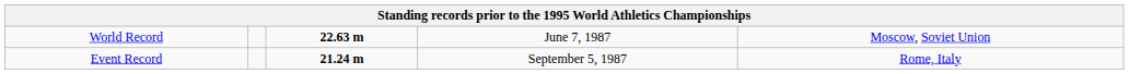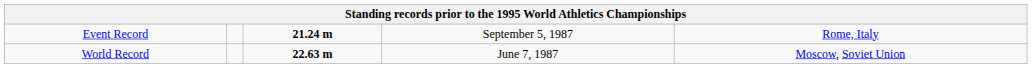 <table class="wikitable" style=" text-align:center; font-size:110%;" width="95%">
 <tr>
 <th colspan="5">Standing records prior to the 1995 World Athletics Championships</th>
+</tr>
+<tr>
+<td><a href='#'>Event Record</a></td>
+<td></td>
+<td><strong>21.24 m </strong></td>
+<td>September 5, 1987</td>
+<td> <a href='#'>Rome, Italy</a></td>
 </tr>
 <tr>
 <td><a href='#'>World Record</a></td>
 <td></td>
 <td><strong>22.63 m </strong></td>
 <td>June 7, 1987</td>
 <td> <a href='#'>Moscow</a>, <a href='#'>Soviet Union</a></td>
 </tr>
-<tr>
-<td><a href='#'>Event Record</a></td>
-<td></td>
-<td><strong>21.24 m </strong></td>
-<td>September 5, 1987</td>
-<td> <a href='#'>Rome, Italy</a></td>
-</tr>
 </table>
